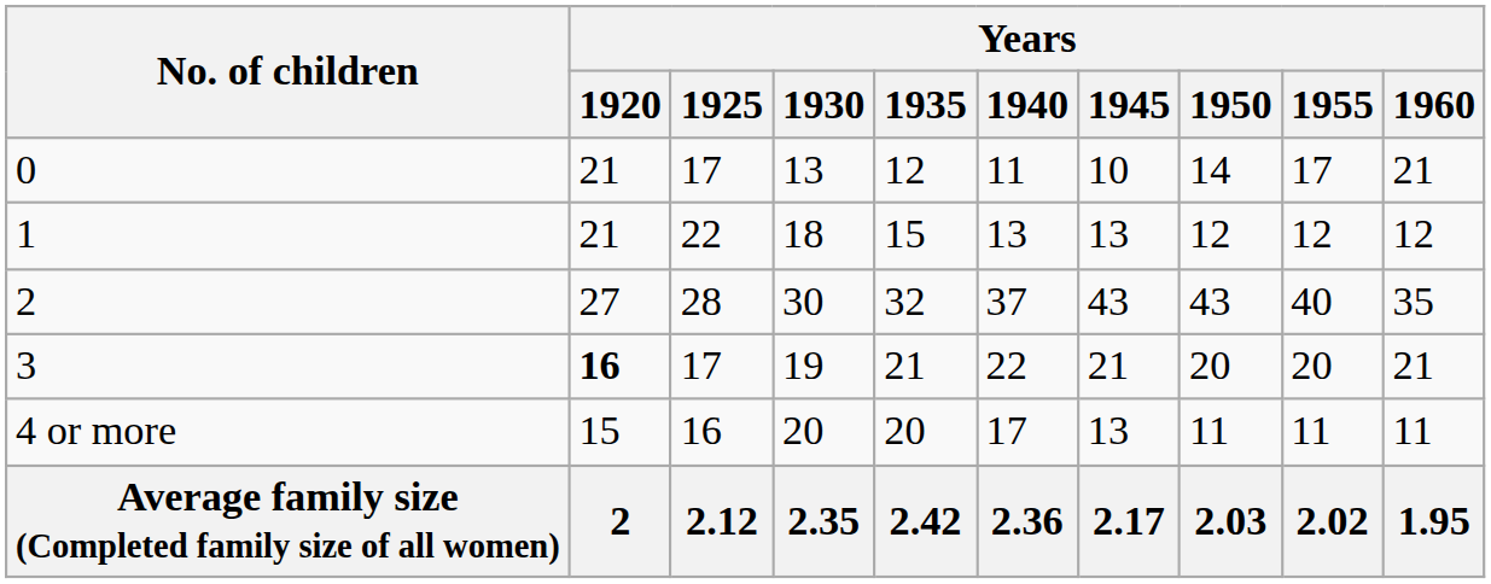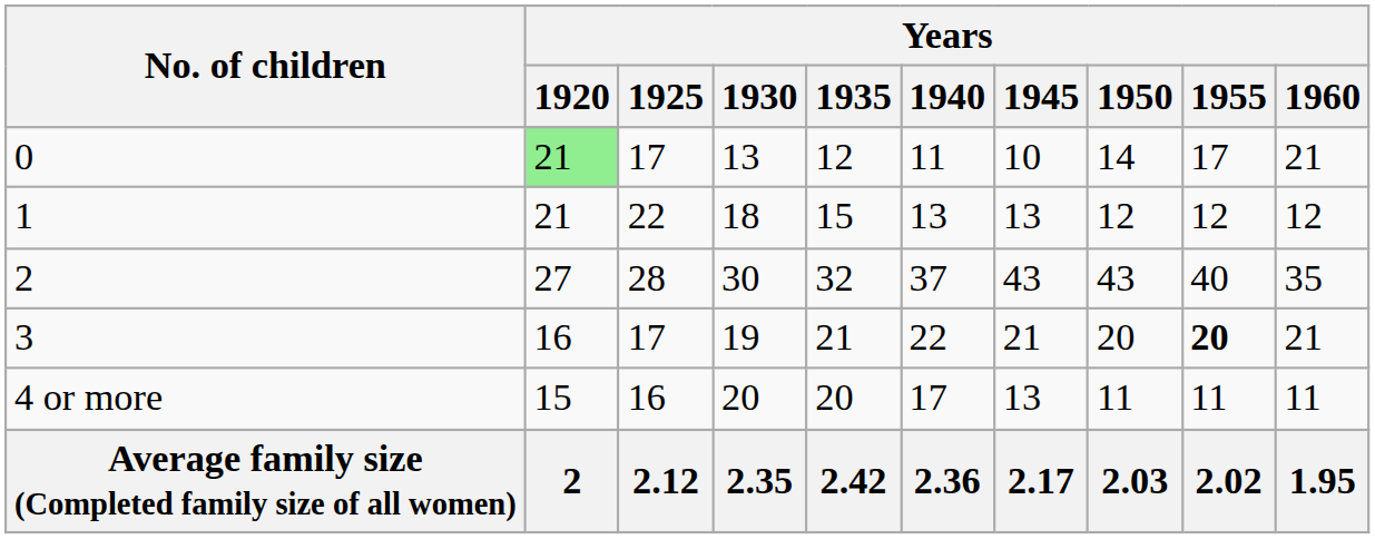 <table class="wikitable">
 <tr>
 <th rowspan="2">No. of children</th>
 <th colspan="9">Years</th>
 </tr>
 <tr>
 <th>1920</th>
 <th>1925</th>
 <th>1930</th>
 <th>1935</th>
 <th>1940</th>
 <th>1945</th>
 <th>1950</th>
 <th>1955</th>
 <th>1960</th>
 </tr>
 <tr>
 <td>0</td>
-<td>21</td>
+<td style="background: lightgreen;">21</td>
 <td>17</td>
 <td>13</td>
 <td>12</td>
 <td>11</td>
 <td>10</td>
 <td>14</td>
 <td>17</td>
 <td>21</td>
 </tr>
 <tr>
 <td>1</td>
 <td>21</td>
 <td>22</td>
 <td>18</td>
 <td>15</td>
 <td>13</td>
 <td>13</td>
 <td>12</td>
 <td>12</td>
 <td>12</td>
 </tr>
 <tr>
 <td>2</td>
 <td>27</td>
 <td>28</td>
 <td>30</td>
 <td>32</td>
 <td>37</td>
 <td>43</td>
 <td>43</td>
 <td>40</td>
 <td>35</td>
 </tr>
 <tr>
 <td>3</td>
-<td><strong>16</strong></td>
+<td>16</td>
 <td>17</td>
 <td>19</td>
 <td>21</td>
 <td>22</td>
 <td>21</td>
 <td>20</td>
-<td>20</td>
+<td><strong>20</strong></td>
 <td>21</td>
 </tr>
 <tr>
 <td>4 or more</td>
 <td>15</td>
 <td>16</td>
 <td>20</td>
 <td>20</td>
 <td>17</td>
 <td>13</td>
 <td>11</td>
 <td>11</td>
 <td>11</td>
 </tr>
 <tr>
 <th>Average family size<br><small>(Completed family size of all women)</small></th>
 <th>2</th>
 <th>2.12</th>
 <th>2.35</th>
 <th>2.42</th>
 <th>2.36</th>
 <th>2.17</th>
 <th>2.03</th>
 <th>2.02</th>
 <th>1.95</th>
 </tr>
 </table>
